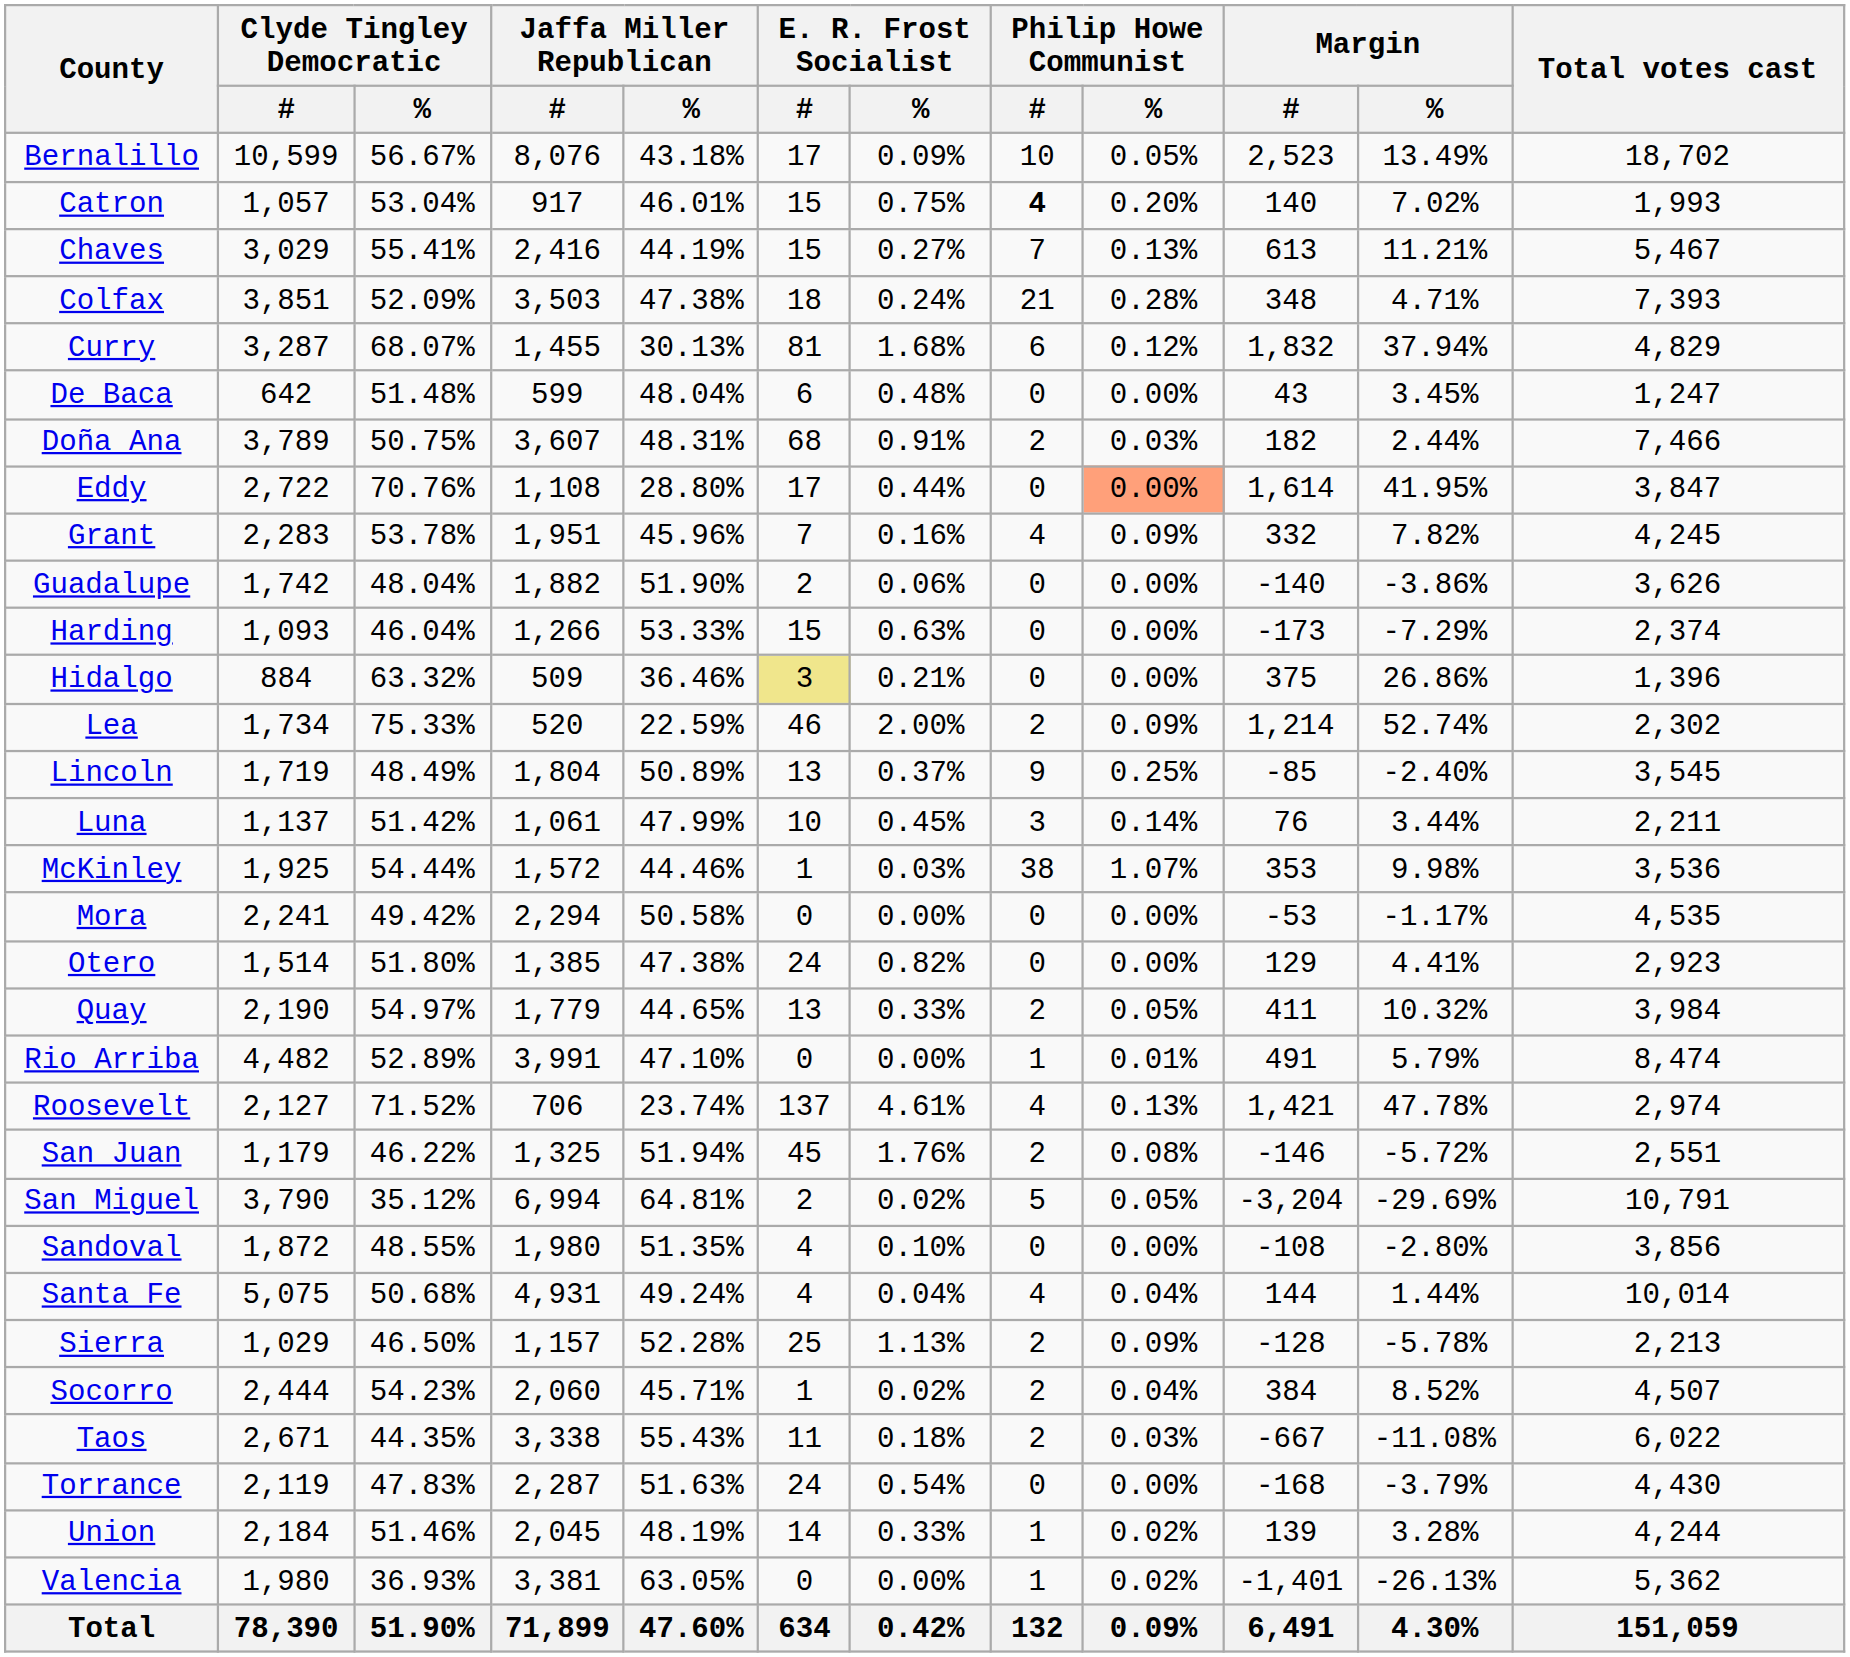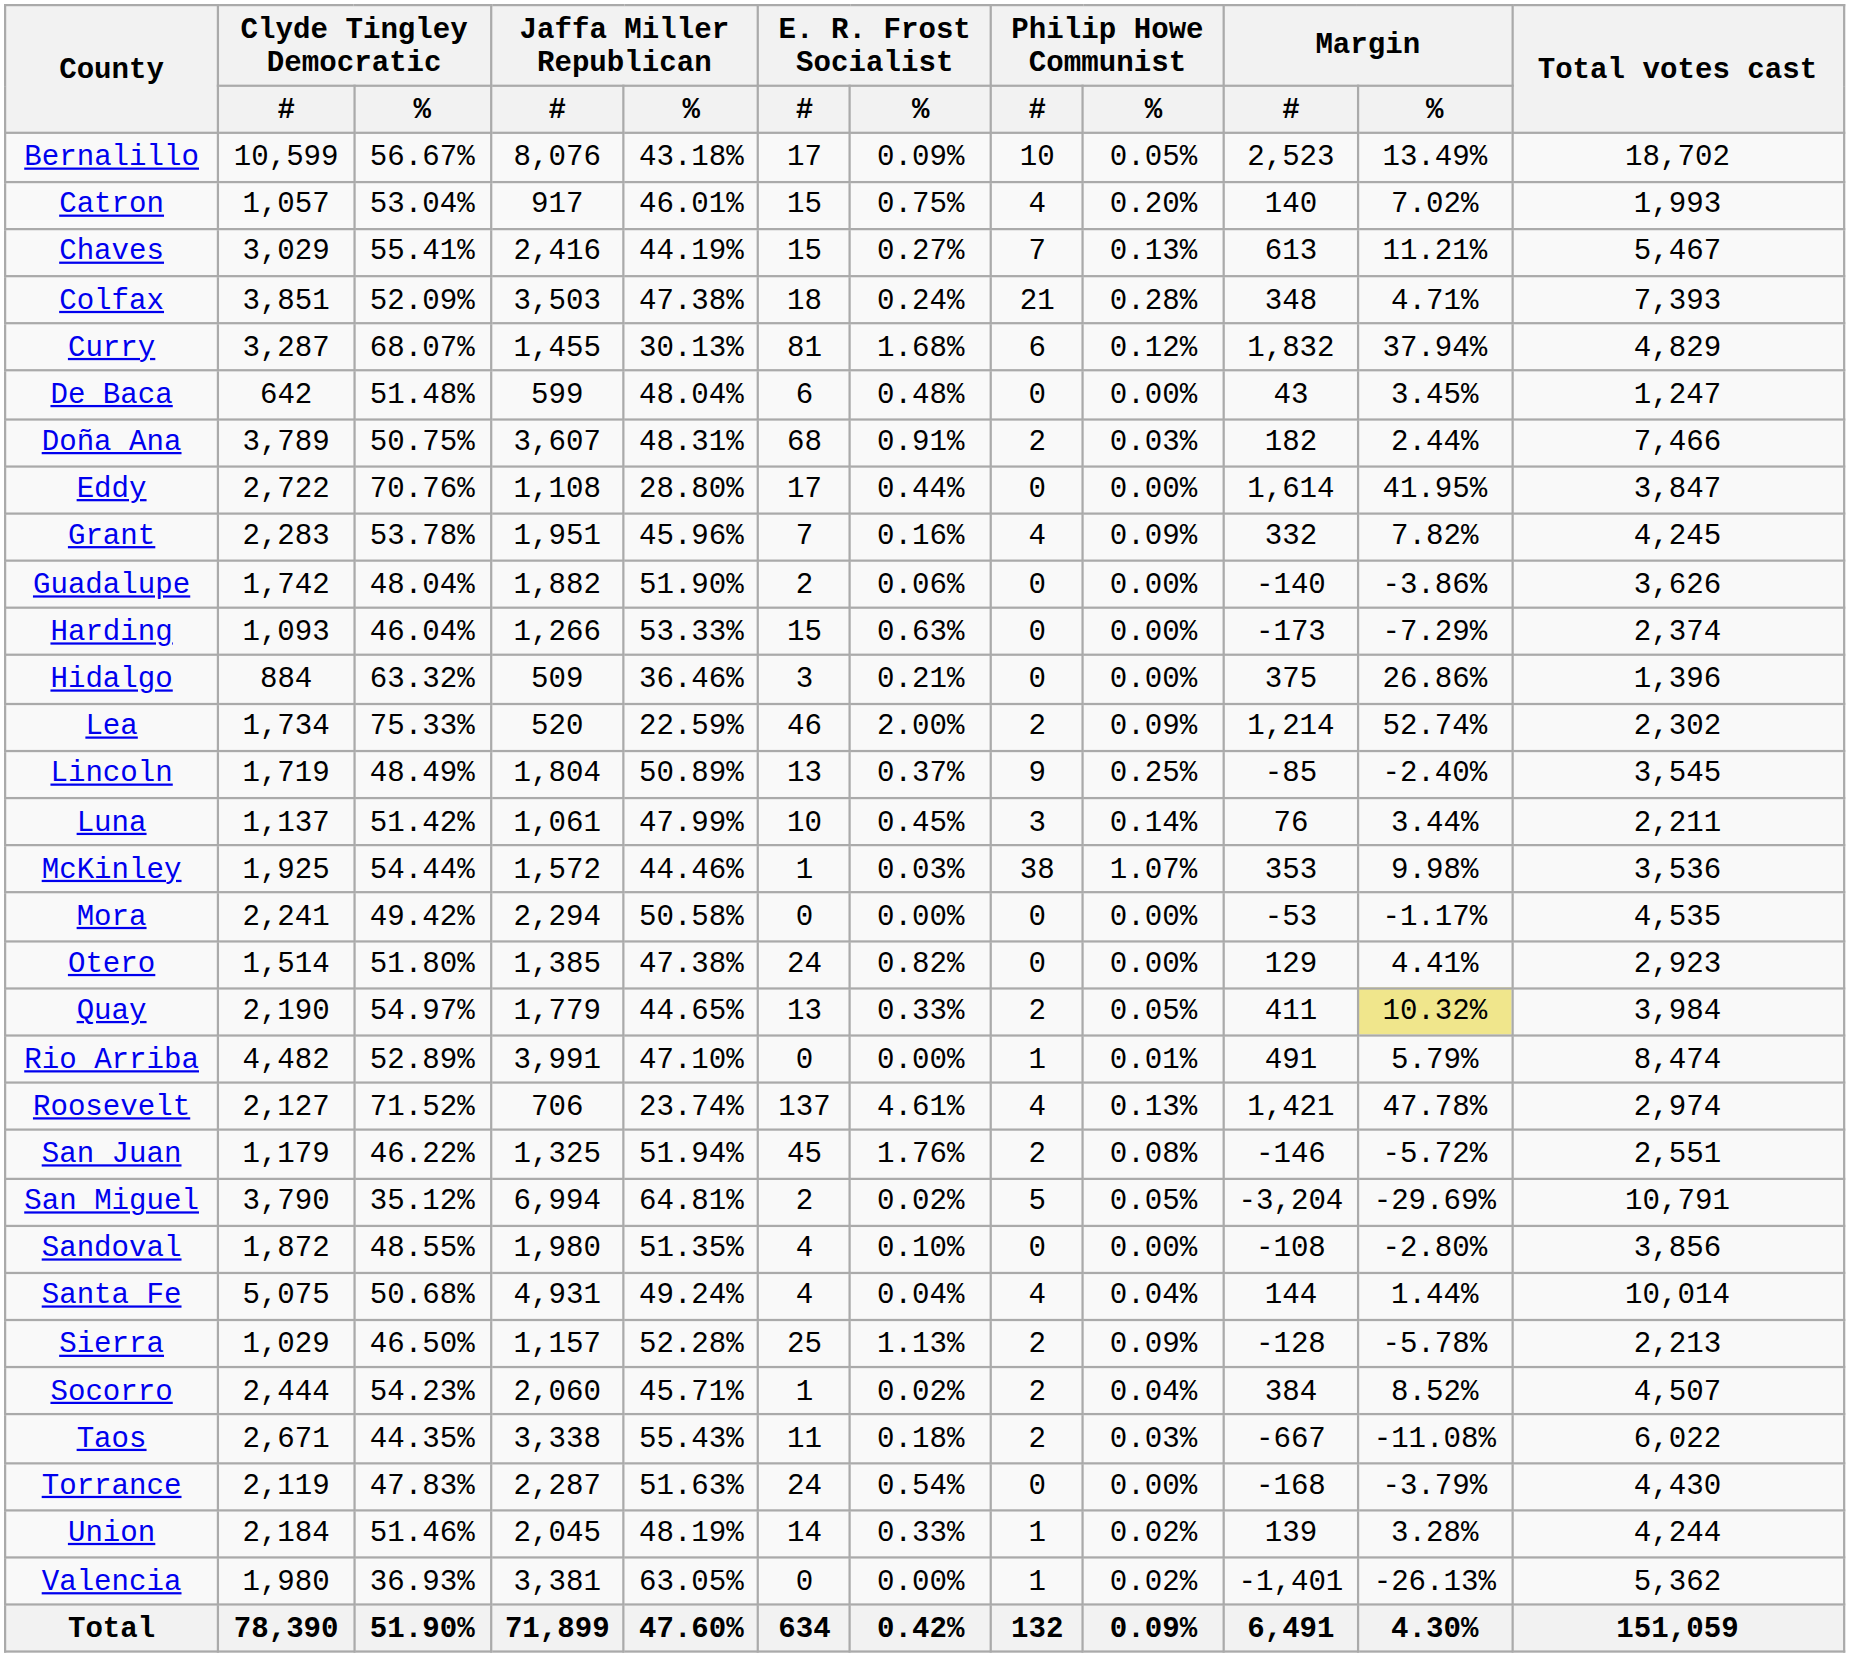 <table width="65%" class="wikitable sortable" style="text-align:center">
 <tr>
 <th style="text-align:center;" rowspan="2">County</th>
 <th style="text-align:center;" colspan="2">Clyde Tingley<br>Democratic</th>
 <th style="text-align:center;" colspan="2">Jaffa Miller<br>Republican</th>
 <th style="text-align:center;" colspan="2">E. R. Frost<br>Socialist</th>
 <th style="text-align:center;" colspan="2">Philip Howe<br>Communist</th>
 <th style="text-align:center;" colspan="2">Margin</th>
 <th style="text-align:center;" rowspan="2">Total votes cast</th>
 </tr>
 <tr>
 <th style="text-align:center;" data-sort-type="number">#</th>
 <th style="text-align:center;" data-sort-type="number">%</th>
 <th style="text-align:center;" data-sort-type="number">#</th>
 <th style="text-align:center;" data-sort-type="number">%</th>
 <th style="text-align:center;" data-sort-type="number">#</th>
 <th style="text-align:center;" data-sort-type="number">%</th>
 <th style="text-align:center;" data-sort-type="number">#</th>
 <th style="text-align:center;" data-sort-type="number">%</th>
 <th style="text-align:center;" data-sort-type="number">#</th>
 <th style="text-align:center;" data-sort-type="number">%</th>
 </tr>
 <tr style="text-align:center;">
 <td><a href='#'>Bernalillo</a></td>
 <td>10,599</td>
 <td>56.67%</td>
 <td>8,076</td>
 <td>43.18%</td>
 <td>17</td>
 <td>0.09%</td>
 <td>10</td>
 <td>0.05%</td>
 <td>2,523</td>
 <td>13.49%</td>
 <td>18,702</td>
 </tr>
 <tr style="text-align:center;">
 <td><a href='#'>Catron</a></td>
 <td>1,057</td>
 <td>53.04%</td>
 <td>917</td>
 <td>46.01%</td>
 <td>15</td>
 <td>0.75%</td>
-<td><strong>4</strong></td>
+<td>4</td>
 <td>0.20%</td>
 <td>140</td>
 <td>7.02%</td>
 <td>1,993</td>
 </tr>
 <tr style="text-align:center;">
 <td><a href='#'>Chaves</a></td>
 <td>3,029</td>
 <td>55.41%</td>
 <td>2,416</td>
 <td>44.19%</td>
 <td>15</td>
 <td>0.27%</td>
 <td>7</td>
 <td>0.13%</td>
 <td>613</td>
 <td>11.21%</td>
 <td>5,467</td>
 </tr>
 <tr style="text-align:center;">
 <td><a href='#'>Colfax</a></td>
 <td>3,851</td>
 <td>52.09%</td>
 <td>3,503</td>
 <td>47.38%</td>
 <td>18</td>
 <td>0.24%</td>
 <td>21</td>
 <td>0.28%</td>
 <td>348</td>
 <td>4.71%</td>
 <td>7,393</td>
 </tr>
 <tr style="text-align:center;">
 <td><a href='#'>Curry</a></td>
 <td>3,287</td>
 <td>68.07%</td>
 <td>1,455</td>
 <td>30.13%</td>
 <td>81</td>
 <td>1.68%</td>
 <td>6</td>
 <td>0.12%</td>
 <td>1,832</td>
 <td>37.94%</td>
 <td>4,829</td>
 </tr>
 <tr style="text-align:center;">
 <td><a href='#'>De Baca</a></td>
 <td>642</td>
 <td>51.48%</td>
 <td>599</td>
 <td>48.04%</td>
 <td>6</td>
 <td>0.48%</td>
 <td>0</td>
 <td>0.00%</td>
 <td>43</td>
 <td>3.45%</td>
 <td>1,247</td>
 </tr>
 <tr style="text-align:center;">
 <td><a href='#'>Doña Ana</a></td>
 <td>3,789</td>
 <td>50.75%</td>
 <td>3,607</td>
 <td>48.31%</td>
 <td>68</td>
 <td>0.91%</td>
 <td>2</td>
 <td>0.03%</td>
 <td>182</td>
 <td>2.44%</td>
 <td>7,466</td>
 </tr>
 <tr style="text-align:center;">
 <td><a href='#'>Eddy</a></td>
 <td>2,722</td>
 <td>70.76%</td>
 <td>1,108</td>
 <td>28.80%</td>
 <td>17</td>
 <td>0.44%</td>
 <td>0</td>
-<td style="background: lightsalmon;">0.00%</td>
+<td>0.00%</td>
 <td>1,614</td>
 <td>41.95%</td>
 <td>3,847</td>
 </tr>
 <tr style="text-align:center;">
 <td><a href='#'>Grant</a></td>
 <td>2,283</td>
 <td>53.78%</td>
 <td>1,951</td>
 <td>45.96%</td>
 <td>7</td>
 <td>0.16%</td>
 <td>4</td>
 <td>0.09%</td>
 <td>332</td>
 <td>7.82%</td>
 <td>4,245</td>
 </tr>
 <tr style="text-align:center;">
 <td><a href='#'>Guadalupe</a></td>
 <td>1,742</td>
 <td>48.04%</td>
 <td>1,882</td>
 <td>51.90%</td>
 <td>2</td>
 <td>0.06%</td>
 <td>0</td>
 <td>0.00%</td>
 <td>-140</td>
 <td>-3.86%</td>
 <td>3,626</td>
 </tr>
 <tr style="text-align:center;">
 <td><a href='#'>Harding</a></td>
 <td>1,093</td>
 <td>46.04%</td>
 <td>1,266</td>
 <td>53.33%</td>
 <td>15</td>
 <td>0.63%</td>
 <td>0</td>
 <td>0.00%</td>
 <td>-173</td>
 <td>-7.29%</td>
 <td>2,374</td>
 </tr>
 <tr style="text-align:center;">
 <td><a href='#'>Hidalgo</a></td>
 <td>884</td>
 <td>63.32%</td>
 <td>509</td>
 <td>36.46%</td>
-<td style="background: khaki;">3</td>
+<td>3</td>
 <td>0.21%</td>
 <td>0</td>
 <td>0.00%</td>
 <td>375</td>
 <td>26.86%</td>
 <td>1,396</td>
 </tr>
 <tr style="text-align:center;">
 <td><a href='#'>Lea</a></td>
 <td>1,734</td>
 <td>75.33%</td>
 <td>520</td>
 <td>22.59%</td>
 <td>46</td>
 <td>2.00%</td>
 <td>2</td>
 <td>0.09%</td>
 <td>1,214</td>
 <td>52.74%</td>
 <td>2,302</td>
 </tr>
 <tr style="text-align:center;">
 <td><a href='#'>Lincoln</a></td>
 <td>1,719</td>
 <td>48.49%</td>
 <td>1,804</td>
 <td>50.89%</td>
 <td>13</td>
 <td>0.37%</td>
 <td>9</td>
 <td>0.25%</td>
 <td>-85</td>
 <td>-2.40%</td>
 <td>3,545</td>
 </tr>
 <tr style="text-align:center;">
 <td><a href='#'>Luna</a></td>
 <td>1,137</td>
 <td>51.42%</td>
 <td>1,061</td>
 <td>47.99%</td>
 <td>10</td>
 <td>0.45%</td>
 <td>3</td>
 <td>0.14%</td>
 <td>76</td>
 <td>3.44%</td>
 <td>2,211</td>
 </tr>
 <tr style="text-align:center;">
 <td><a href='#'>McKinley</a></td>
 <td>1,925</td>
 <td>54.44%</td>
 <td>1,572</td>
 <td>44.46%</td>
 <td>1</td>
 <td>0.03%</td>
 <td>38</td>
 <td>1.07%</td>
 <td>353</td>
 <td>9.98%</td>
 <td>3,536</td>
 </tr>
 <tr style="text-align:center;">
 <td><a href='#'>Mora</a></td>
 <td>2,241</td>
 <td>49.42%</td>
 <td>2,294</td>
 <td>50.58%</td>
 <td>0</td>
 <td>0.00%</td>
 <td>0</td>
 <td>0.00%</td>
 <td>-53</td>
 <td>-1.17%</td>
 <td>4,535</td>
 </tr>
 <tr style="text-align:center;">
 <td><a href='#'>Otero</a></td>
 <td>1,514</td>
 <td>51.80%</td>
 <td>1,385</td>
 <td>47.38%</td>
 <td>24</td>
 <td>0.82%</td>
 <td>0</td>
 <td>0.00%</td>
 <td>129</td>
 <td>4.41%</td>
 <td>2,923</td>
 </tr>
 <tr style="text-align:center;">
 <td><a href='#'>Quay</a></td>
 <td>2,190</td>
 <td>54.97%</td>
 <td>1,779</td>
 <td>44.65%</td>
 <td>13</td>
 <td>0.33%</td>
 <td>2</td>
 <td>0.05%</td>
 <td>411</td>
-<td>10.32%</td>
+<td style="background: khaki;">10.32%</td>
 <td>3,984</td>
 </tr>
 <tr style="text-align:center;">
 <td><a href='#'>Rio Arriba</a></td>
 <td>4,482</td>
 <td>52.89%</td>
 <td>3,991</td>
 <td>47.10%</td>
 <td>0</td>
 <td>0.00%</td>
 <td>1</td>
 <td>0.01%</td>
 <td>491</td>
 <td>5.79%</td>
 <td>8,474</td>
 </tr>
 <tr style="text-align:center;">
 <td><a href='#'>Roosevelt</a></td>
 <td>2,127</td>
 <td>71.52%</td>
 <td>706</td>
 <td>23.74%</td>
 <td>137</td>
 <td>4.61%</td>
 <td>4</td>
 <td>0.13%</td>
 <td>1,421</td>
 <td>47.78%</td>
 <td>2,974</td>
 </tr>
 <tr style="text-align:center;">
 <td><a href='#'>San Juan</a></td>
 <td>1,179</td>
 <td>46.22%</td>
 <td>1,325</td>
 <td>51.94%</td>
 <td>45</td>
 <td>1.76%</td>
 <td>2</td>
 <td>0.08%</td>
 <td>-146</td>
 <td>-5.72%</td>
 <td>2,551</td>
 </tr>
 <tr style="text-align:center;">
 <td><a href='#'>San Miguel</a></td>
 <td>3,790</td>
 <td>35.12%</td>
 <td>6,994</td>
 <td>64.81%</td>
 <td>2</td>
 <td>0.02%</td>
 <td>5</td>
 <td>0.05%</td>
 <td>-3,204</td>
 <td>-29.69%</td>
 <td>10,791</td>
 </tr>
 <tr style="text-align:center;">
 <td><a href='#'>Sandoval</a></td>
 <td>1,872</td>
 <td>48.55%</td>
 <td>1,980</td>
 <td>51.35%</td>
 <td>4</td>
 <td>0.10%</td>
 <td>0</td>
 <td>0.00%</td>
 <td>-108</td>
 <td>-2.80%</td>
 <td>3,856</td>
 </tr>
 <tr style="text-align:center;">
 <td><a href='#'>Santa Fe</a></td>
 <td>5,075</td>
 <td>50.68%</td>
 <td>4,931</td>
 <td>49.24%</td>
 <td>4</td>
 <td>0.04%</td>
 <td>4</td>
 <td>0.04%</td>
 <td>144</td>
 <td>1.44%</td>
 <td>10,014</td>
 </tr>
 <tr style="text-align:center;">
 <td><a href='#'>Sierra</a></td>
 <td>1,029</td>
 <td>46.50%</td>
 <td>1,157</td>
 <td>52.28%</td>
 <td>25</td>
 <td>1.13%</td>
 <td>2</td>
 <td>0.09%</td>
 <td>-128</td>
 <td>-5.78%</td>
 <td>2,213</td>
 </tr>
 <tr style="text-align:center;">
 <td><a href='#'>Socorro</a></td>
 <td>2,444</td>
 <td>54.23%</td>
 <td>2,060</td>
 <td>45.71%</td>
 <td>1</td>
 <td>0.02%</td>
 <td>2</td>
 <td>0.04%</td>
 <td>384</td>
 <td>8.52%</td>
 <td>4,507</td>
 </tr>
 <tr style="text-align:center;">
 <td><a href='#'>Taos</a></td>
 <td>2,671</td>
 <td>44.35%</td>
 <td>3,338</td>
 <td>55.43%</td>
 <td>11</td>
 <td>0.18%</td>
 <td>2</td>
 <td>0.03%</td>
 <td>-667</td>
 <td>-11.08%</td>
 <td>6,022</td>
 </tr>
 <tr style="text-align:center;">
 <td><a href='#'>Torrance</a></td>
 <td>2,119</td>
 <td>47.83%</td>
 <td>2,287</td>
 <td>51.63%</td>
 <td>24</td>
 <td>0.54%</td>
 <td>0</td>
 <td>0.00%</td>
 <td>-168</td>
 <td>-3.79%</td>
 <td>4,430</td>
 </tr>
 <tr style="text-align:center;">
 <td><a href='#'>Union</a></td>
 <td>2,184</td>
 <td>51.46%</td>
 <td>2,045</td>
 <td>48.19%</td>
 <td>14</td>
 <td>0.33%</td>
 <td>1</td>
 <td>0.02%</td>
 <td>139</td>
 <td>3.28%</td>
 <td>4,244</td>
 </tr>
 <tr style="text-align:center;">
 <td><a href='#'>Valencia</a></td>
 <td>1,980</td>
 <td>36.93%</td>
 <td>3,381</td>
 <td>63.05%</td>
 <td>0</td>
 <td>0.00%</td>
 <td>1</td>
 <td>0.02%</td>
 <td>-1,401</td>
 <td>-26.13%</td>
 <td>5,362</td>
 </tr>
 <tr style="text-align:center;">
 <th>Total</th>
 <th>78,390</th>
 <th>51.90%</th>
 <th>71,899</th>
 <th>47.60%</th>
 <th>634</th>
 <th>0.42%</th>
 <th>132</th>
 <th>0.09%</th>
 <th>6,491</th>
 <th>4.30%</th>
 <th>151,059</th>
 </tr>
 </table>
